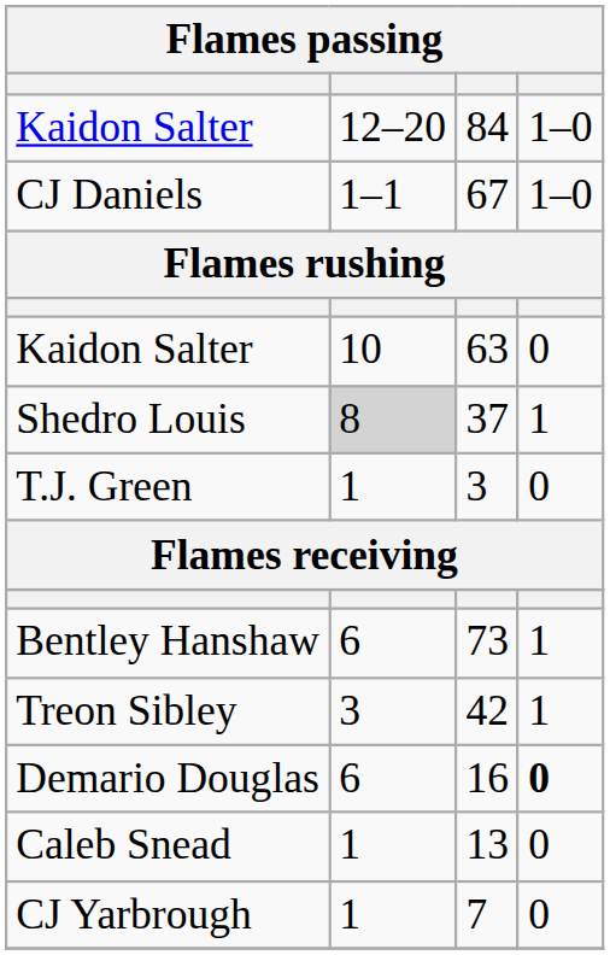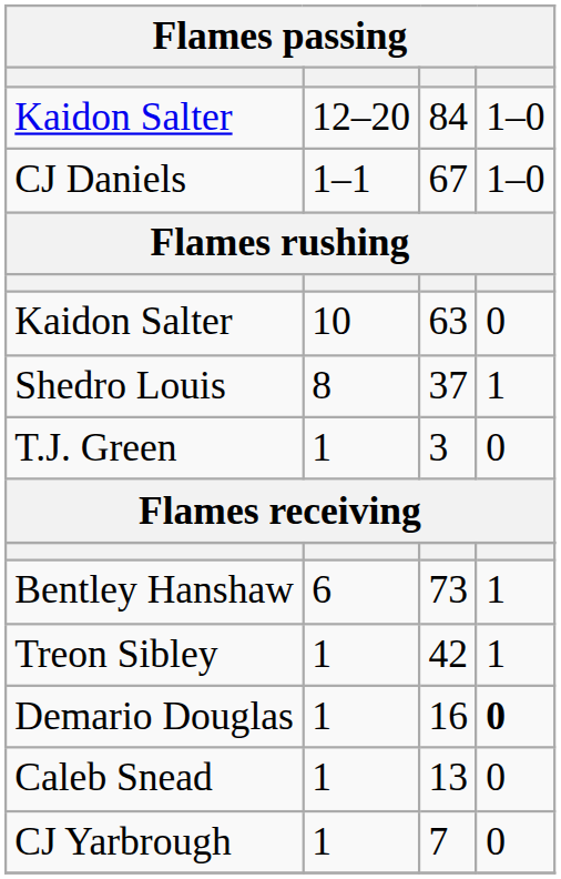 <table class="wikitable plainrowheaders">
 <tr>
 <th colspan="6">Flames passing</th>
 </tr>
 <tr>
 <th scope="col"></th>
 <th scope="col"></th>
 <th scope="col"></th>
 <th scope="col"></th>
 </tr>
 <tr>
 <td><a href='#'>Kaidon Salter</a></td>
 <td>12–20</td>
 <td>84</td>
 <td>1–0</td>
 </tr>
 <tr>
 <td>CJ Daniels</td>
 <td>1–1</td>
 <td>67</td>
 <td>1–0</td>
 </tr>
 <tr>
 <th colspan="6">Flames rushing</th>
 </tr>
 <tr>
 <th scope="col"></th>
 <th scope="col"></th>
 <th scope="col"></th>
 <th scope="col"></th>
 </tr>
 <tr>
 <td>Kaidon Salter</td>
 <td>10</td>
 <td>63</td>
 <td>0</td>
 </tr>
 <tr>
 <td>Shedro Louis</td>
-<td style="background: lightgrey;">8</td>
+<td>8</td>
 <td>37</td>
 <td>1</td>
 </tr>
 <tr>
 <td>T.J. Green</td>
 <td>1</td>
 <td>3</td>
 <td>0</td>
 </tr>
 <tr>
 <th colspan="6">Flames receiving</th>
 </tr>
 <tr>
 </tr>
 <tr>
 <th scope="col"></th>
 <th scope="col"></th>
 <th scope="col"></th>
 <th scope="col"></th>
 </tr>
 <tr>
 <td>Bentley Hanshaw</td>
 <td>6</td>
 <td>73</td>
 <td>1</td>
 </tr>
 <tr>
 <td>Treon Sibley</td>
-<td>3</td>
+<td>1</td>
 <td>42</td>
 <td>1</td>
 </tr>
 <tr>
 <td>Demario Douglas</td>
-<td>6</td>
+<td>1</td>
 <td>16</td>
 <td><strong>0</strong></td>
 </tr>
 <tr>
 <td>Caleb Snead</td>
 <td>1</td>
 <td>13</td>
 <td>0</td>
 </tr>
 <tr>
 <td>CJ Yarbrough</td>
 <td>1</td>
 <td>7</td>
 <td>0</td>
 </tr>
 <tr>
 </tr>
 </table>
